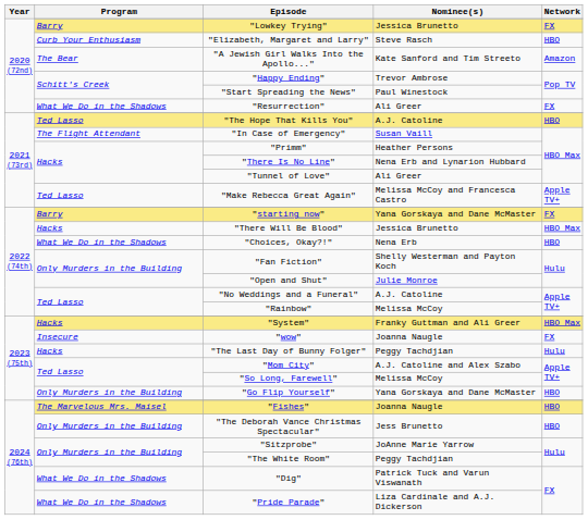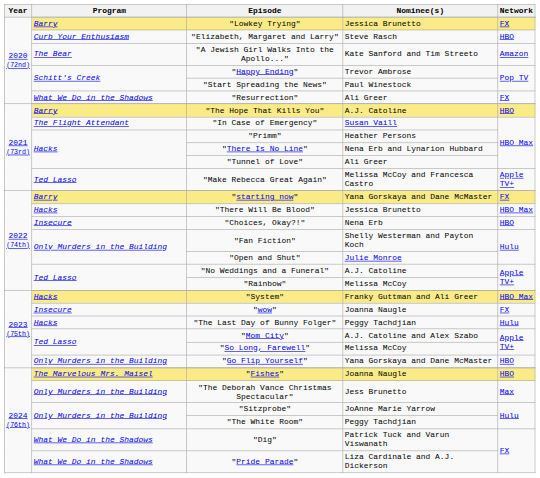 <table class="wikitable">
 <tr>
 <th width="5%">Year</th>
 <th width="30%">Program</th>
 <th width="30%">Episode</th>
 <th width="30%">Nominee(s)</th>
 <th width="5%">Network</th>
 </tr>
 <tr>
 <td rowspan=7 style="text-align:center;"><a href='#'>2020</a><br><small><a href='#'>(72nd)</a></small><br></td>
 </tr>
 <tr style="background:#FAEB86;">
 <td><em><a href='#'>Barry</a></em></td>
 <td align=center>"Lowkey Trying"</td>
 <td>Jessica Brunetto</td>
 <td><a href='#'>FX</a></td>
 </tr>
 <tr>
 <td><em><a href='#'>Curb Your Enthusiasm</a></em></td>
 <td align=center>"Elizabeth, Margaret and Larry"</td>
 <td>Steve Rasch</td>
 <td><a href='#'>HBO</a></td>
 </tr>
 <tr>
 <td><em><a href='#'>The Bear</a></em></td>
 <td align=center>"A Jewish Girl Walks Into the Apollo..."</td>
 <td>Kate Sanford and Tim Streeto</td>
 <td><a href='#'>Amazon</a></td>
 </tr>
 <tr>
 <td rowspan=2><em><a href='#'>Schitt's Creek</a></em></td>
 <td align=center>"<a href='#'>Happy Ending</a>"</td>
 <td>Trevor Ambrose</td>
 <td rowspan=2><a href='#'>Pop TV</a></td>
 </tr>
 <tr>
 <td align=center>"Start Spreading the News"</td>
 <td>Paul Winestock</td>
 </tr>
 <tr>
 <td><em><a href='#'>What We Do in the Shadows</a></em></td>
 <td align=center>"Resurrection"</td>
 <td>Ali Greer</td>
 <td><a href='#'>FX</a></td>
 </tr>
 <tr>
 <td rowspan=7 style="text-align:center;"><a href='#'>2021</a><br><small><a href='#'>(73rd)</a></small><br></td>
 </tr>
 <tr style="background:#FAEB86;">
-<td><em><a href='#'>Ted Lasso</a></em></td>
+<td><em><a href='#'>Barry</a></em></td>
 <td align=center>"The Hope That Kills You"</td>
 <td>A.J. Catoline</td>
 <td><a href='#'>HBO</a></td>
 </tr>
 <tr>
 <td><em><a href='#'>The Flight Attendant</a></em></td>
 <td align=center>"In Case of Emergency"</td>
 <td><a href='#'>Susan Vaill</a></td>
 <td rowspan="4"><a href='#'>HBO Max</a></td>
 </tr>
 <tr>
 <td rowspan="3"><em><a href='#'>Hacks</a></em></td>
 <td align=center>"Primm"</td>
 <td>Heather Persons</td>
 </tr>
 <tr>
 <td align=center>"<a href='#'>There Is No Line</a>"</td>
 <td>Nena Erb and Lynarion Hubbard</td>
 </tr>
 <tr>
 <td align=center>"Tunnel of Love"</td>
 <td>Ali Greer</td>
 </tr>
 <tr>
 <td><em><a href='#'>Ted Lasso</a></em></td>
 <td align=center>"Make Rebecca Great Again"</td>
 <td>Melissa McCoy and Francesca Castro</td>
 <td><a href='#'>Apple TV+</a></td>
 </tr>
 <tr>
 <td rowspan=8 style="text-align:center;"><a href='#'>2022</a><br><small><a href='#'>(74th)</a></small><br></td>
 </tr>
 <tr style="background:#FAEB86;">
 <td><em><a href='#'>Barry</a></em></td>
 <td align=center>"<a href='#'>starting now</a>"</td>
 <td>Yana Gorskaya and Dane McMaster</td>
 <td><a href='#'>FX</a></td>
 </tr>
 <tr>
 <td><em><a href='#'>Hacks</a></em></td>
 <td align=center>"There Will Be Blood"</td>
 <td>Jessica Brunetto</td>
 <td><a href='#'>HBO Max</a></td>
 </tr>
 <tr>
-<td><em><a href='#'>What We Do in the Shadows</a></em></td>
+<td><em><a href='#'>Insecure</a></em></td>
 <td align=center>"Choices, Okay?!"</td>
 <td>Nena Erb</td>
 <td><a href='#'>HBO</a></td>
 </tr>
 <tr>
 <td rowspan="2"><em><a href='#'>Only Murders in the Building</a></em></td>
 <td align=center>"Fan Fiction"</td>
 <td>Shelly Westerman and Payton Koch</td>
 <td rowspan="2"><a href='#'>Hulu</a></td>
 </tr>
 <tr>
 <td align=center>"Open and Shut"</td>
 <td><a href='#'>Julie Monroe</a></td>
 </tr>
 <tr>
 <td rowspan="2"><em><a href='#'>Ted Lasso</a></em></td>
 <td align=center>"No Weddings and a Funeral"</td>
 <td>A.J. Catoline</td>
 <td rowspan="2"><a href='#'>Apple TV+</a></td>
 </tr>
 <tr>
 <td align=center>"Rainbow"</td>
 <td>Melissa McCoy</td>
 </tr>
 <tr>
 <td rowspan=7 style="text-align:center;"><a href='#'>2023</a><br><small><a href='#'>(75th)</a></small><br></td>
 </tr>
 <tr style="background:#FAEB86;">
 <td><em><a href='#'>Hacks</a></em></td>
 <td align=center>"System"</td>
 <td>Franky Guttman and Ali Greer</td>
 <td><a href='#'>HBO Max</a></td>
 </tr>
 <tr>
 <td><em><a href='#'>Insecure</a></em></td>
 <td align=center>"<a href='#'>wow</a>"</td>
 <td>Joanna Naugle</td>
 <td><a href='#'>FX</a></td>
 </tr>
 <tr>
 <td><em><a href='#'>Hacks</a></em></td>
 <td align=center>"The Last Day of Bunny Folger"</td>
 <td>Peggy Tachdjian</td>
 <td><a href='#'>Hulu</a></td>
 </tr>
 <tr>
 <td rowspan="2"><em><a href='#'>Ted Lasso</a></em></td>
 <td align=center>"<a href='#'>Mom City</a>"</td>
 <td>A.J. Catoline and Alex Szabo</td>
 <td rowspan="2"><a href='#'>Apple TV+</a></td>
 </tr>
 <tr>
 <td align=center>"<a href='#'>So Long, Farewell</a>"</td>
 <td>Melissa McCoy</td>
 </tr>
 <tr>
 <td><em><a href='#'>Only Murders in the Building</a></em></td>
 <td align=center>"<a href='#'>Go Flip Yourself</a>"</td>
 <td>Yana Gorskaya and Dane McMaster</td>
 <td><a href='#'>HBO</a></td>
 </tr>
 <tr>
 <td rowspan=7 style="text-align:center;"><a href='#'>2024</a><br><small><a href='#'>(76th)</a></small><br></td>
 </tr>
 <tr style="background:#FAEB86;">
 <td><em><a href='#'>The Marvelous Mrs. Maisel</a></em></td>
 <td align=center>"<a href='#'>Fishes</a>"</td>
 <td>Joanna Naugle</td>
 <td><a href='#'>HBO</a></td>
 </tr>
 <tr>
 <td><em><a href='#'>Only Murders in the Building</a></em></td>
 <td align=center>"The Deborah Vance Christmas Spectacular"</td>
 <td>Jess Brunetto</td>
-<td><a href='#'>HBO</a></td>
+<td><a href='#'>Max</a></td>
 </tr>
 <tr>
 <td rowspan="2"><em><a href='#'>Only Murders in the Building</a></em></td>
 <td align=center>"Sitzprobe"</td>
 <td>JoAnne Marie Yarrow</td>
 <td rowspan="2"><a href='#'>Hulu</a></td>
 </tr>
 <tr>
 <td align=center>"The White Room"</td>
 <td>Peggy Tachdjian</td>
 </tr>
 <tr>
 <td><em><a href='#'>What We Do in the Shadows</a></em></td>
 <td align=center>"Dig"</td>
 <td>Patrick Tuck and Varun Viswanath</td>
 <td rowspan="2"><a href='#'>FX</a></td>
 </tr>
 <tr>
 <td><em><a href='#'>What We Do in the Shadows</a></em></td>
 <td align=center>"<a href='#'>Pride Parade</a>"</td>
 <td>Liza Cardinale and A.J. Dickerson</td>
 </tr>
 </table>
